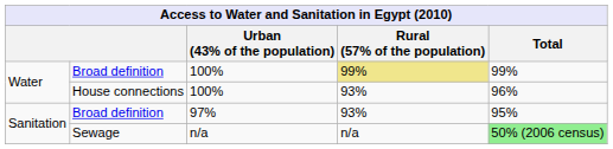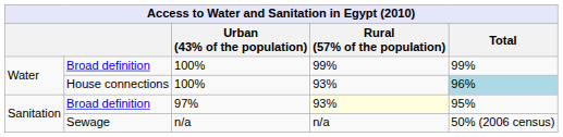 <table class="wikitable">
 <tr>
 <th style="background:#E6E6FA" colspan=5>Access to Water and Sanitation in Egypt (2010)</th>
 </tr>
 <tr>
 <th colspan=2></th>
 <th>Urban<br>(43% of the population)</th>
 <th>Rural<br>(57% of the population)</th>
 <th>Total</th>
 </tr>
 <tr>
 <td rowspan=2>Water</td>
 <td><a href='#'>Broad definition</a></td>
 <td>100%</td>
-<td style="background: khaki;">99%</td>
+<td>99%</td>
 <td>99%</td>
 </tr>
 <tr>
 <td>House connections</td>
 <td>100%</td>
 <td>93%</td>
-<td>96%</td>
+<td style="background: lightblue;">96%</td>
 </tr>
 <tr>
 <td rowspan=2>Sanitation</td>
 <td><a href='#'>Broad definition</a></td>
 <td>97%</td>
-<td>93%</td>
+<td style="background: lightyellow;">93%</td>
 <td>95%</td>
 </tr>
 <tr>
 <td>Sewage</td>
 <td>n/a</td>
 <td>n/a</td>
-<td style="background: lightgreen;">50% (2006 census)</td>
+<td>50% (2006 census)</td>
 </tr>
 </table>
